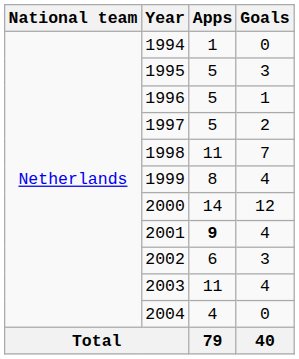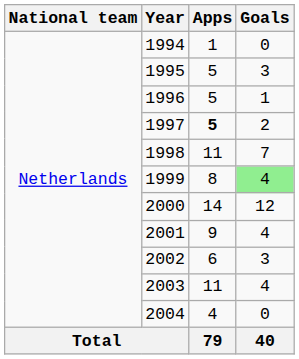 <table class="wikitable" style="text-align:center">
 <tr>
 <th>National team</th>
 <th>Year</th>
 <th>Apps</th>
 <th>Goals</th>
 </tr>
 <tr>
 <td rowspan="11"><a href='#'>Netherlands</a></td>
 <td>1994</td>
 <td>1</td>
 <td>0</td>
 </tr>
 <tr>
 <td>1995</td>
 <td>5</td>
 <td>3</td>
 </tr>
 <tr>
 <td>1996</td>
 <td>5</td>
 <td>1</td>
 </tr>
 <tr>
 <td>1997</td>
-<td>5</td>
+<td><strong>5</strong></td>
 <td>2</td>
 </tr>
 <tr>
 <td>1998</td>
 <td>11</td>
 <td>7</td>
 </tr>
 <tr>
 <td>1999</td>
 <td>8</td>
-<td>4</td>
+<td style="background: lightgreen;">4</td>
 </tr>
 <tr>
 <td>2000</td>
 <td>14</td>
 <td>12</td>
 </tr>
 <tr>
 <td>2001</td>
-<td><strong>9</strong></td>
+<td>9</td>
 <td>4</td>
 </tr>
 <tr>
 <td>2002</td>
 <td>6</td>
 <td>3</td>
 </tr>
 <tr>
 <td>2003</td>
 <td>11</td>
 <td>4</td>
 </tr>
 <tr>
 <td>2004</td>
 <td>4</td>
 <td>0</td>
 </tr>
 <tr>
 <th colspan="2">Total</th>
 <th>79</th>
 <th>40</th>
 </tr>
 </table>
